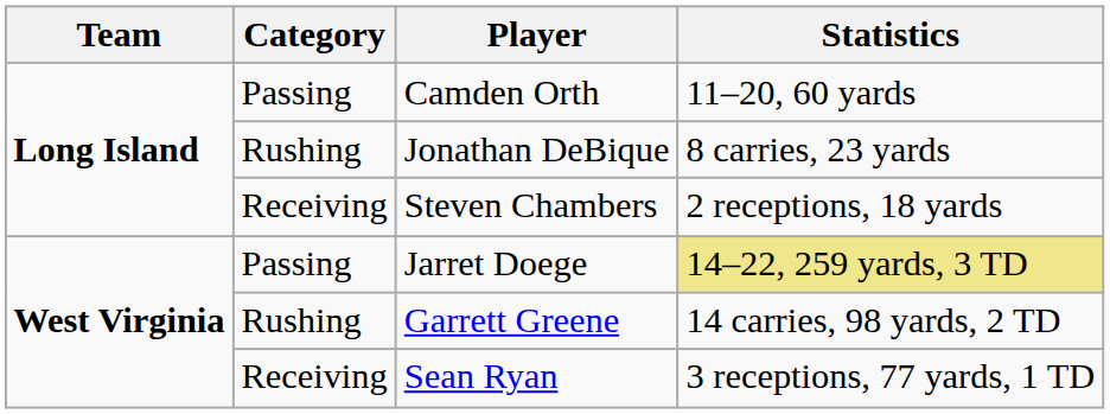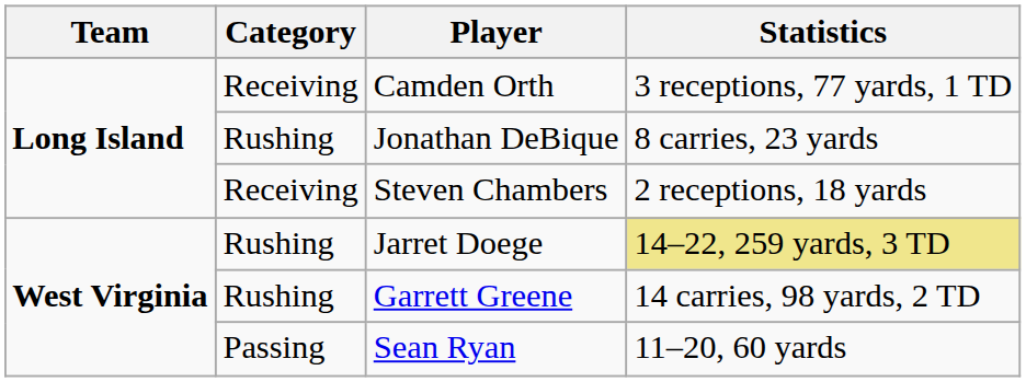 <table class="wikitable" style="float: right;">
 <tr>
 <th>Team</th>
 <th>Category</th>
 <th>Player</th>
 <th>Statistics</th>
 </tr>
 <tr>
 <td rowspan=3><strong>Long Island</strong></td>
-<td>Passing</td>
+<td>Receiving</td>
 <td>Camden Orth</td>
-<td>11–20, 60 yards</td>
+<td>3 receptions, 77 yards, 1 TD</td>
 </tr>
 <tr>
 <td>Rushing</td>
 <td>Jonathan DeBique</td>
 <td>8 carries, 23 yards</td>
 </tr>
 <tr>
 <td>Receiving</td>
 <td>Steven Chambers</td>
 <td>2 receptions, 18 yards</td>
 </tr>
 <tr>
 <td rowspan=3><strong>West Virginia</strong></td>
-<td>Passing</td>
+<td>Rushing</td>
 <td>Jarret Doege</td>
 <td style="background: khaki;">14–22, 259 yards, 3 TD</td>
 </tr>
 <tr>
 <td>Rushing</td>
 <td><a href='#'>Garrett Greene</a></td>
 <td>14 carries, 98 yards, 2 TD</td>
 </tr>
 <tr>
-<td>Receiving</td>
+<td>Passing</td>
 <td><a href='#'>Sean Ryan</a></td>
-<td>3 receptions, 77 yards, 1 TD</td>
+<td>11–20, 60 yards</td>
 </tr>
 </table>
